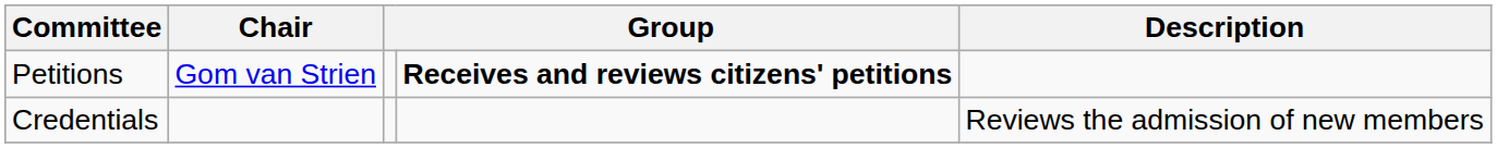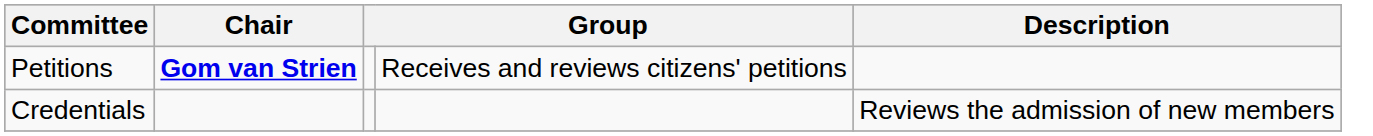 <table class="wikitable">
 <tr>
 <th>Committee</th>
 <th>Chair</th>
 <th colspan=2>Group</th>
 <th>Description</th>
 </tr>
 <tr>
 <td>Petitions</td>
-<td><a href='#'>Gom van Strien</a></td>
+<td><strong><a href='#'>Gom van Strien</a></strong></td>
 <td></td>
-<td><strong>Receives and reviews citizens' petitions</strong></td>
+<td>Receives and reviews citizens' petitions</td>
 </tr>
 <tr>
 <td>Credentials</td>
 <td></td>
 <td></td>
 <td></td>
 <td>Reviews the admission of new members</td>
 </tr>
 </table>
